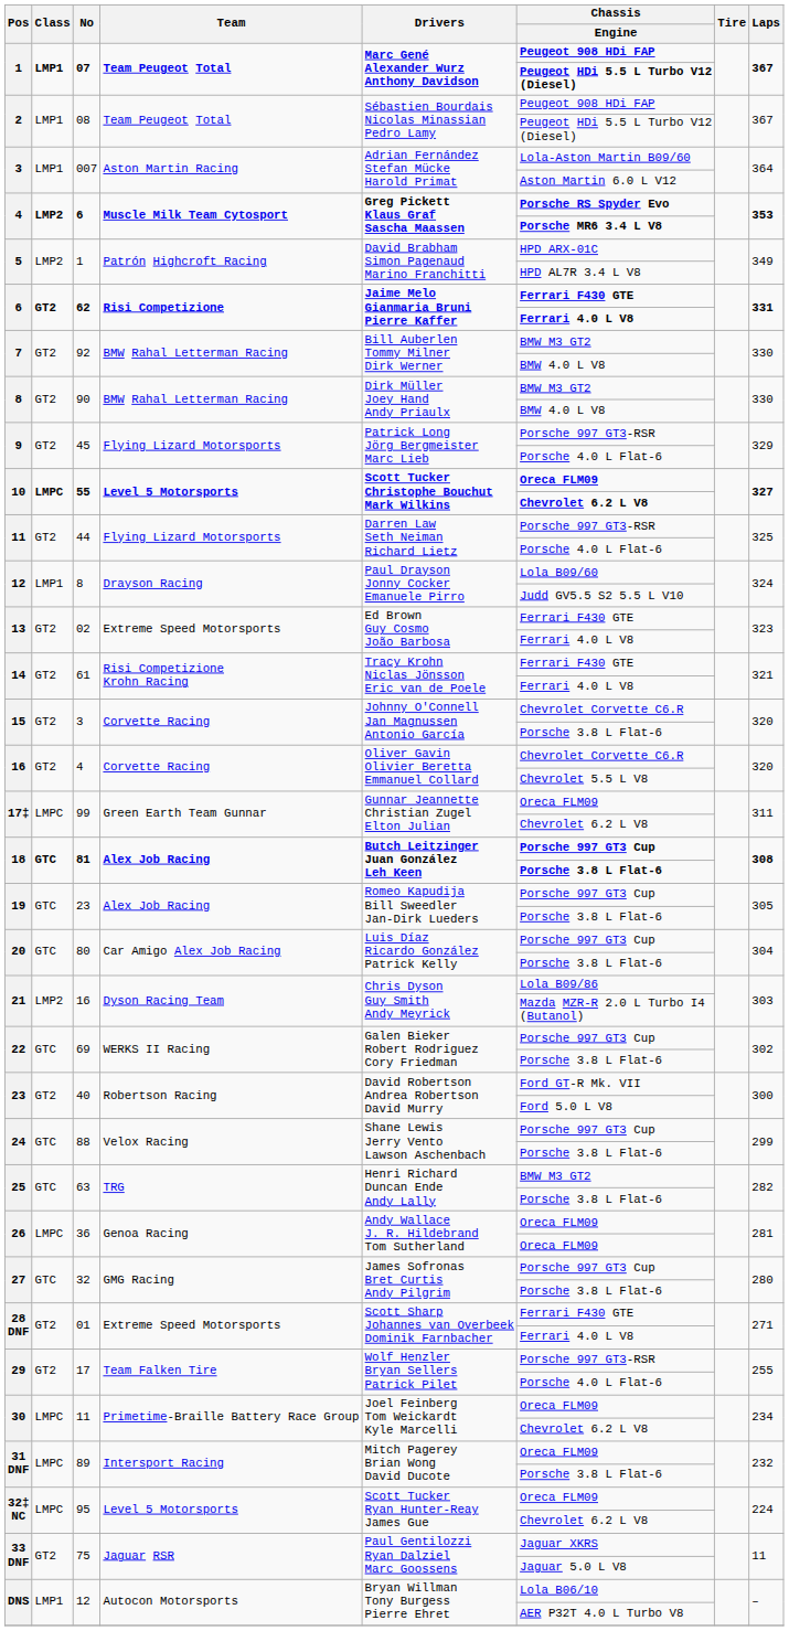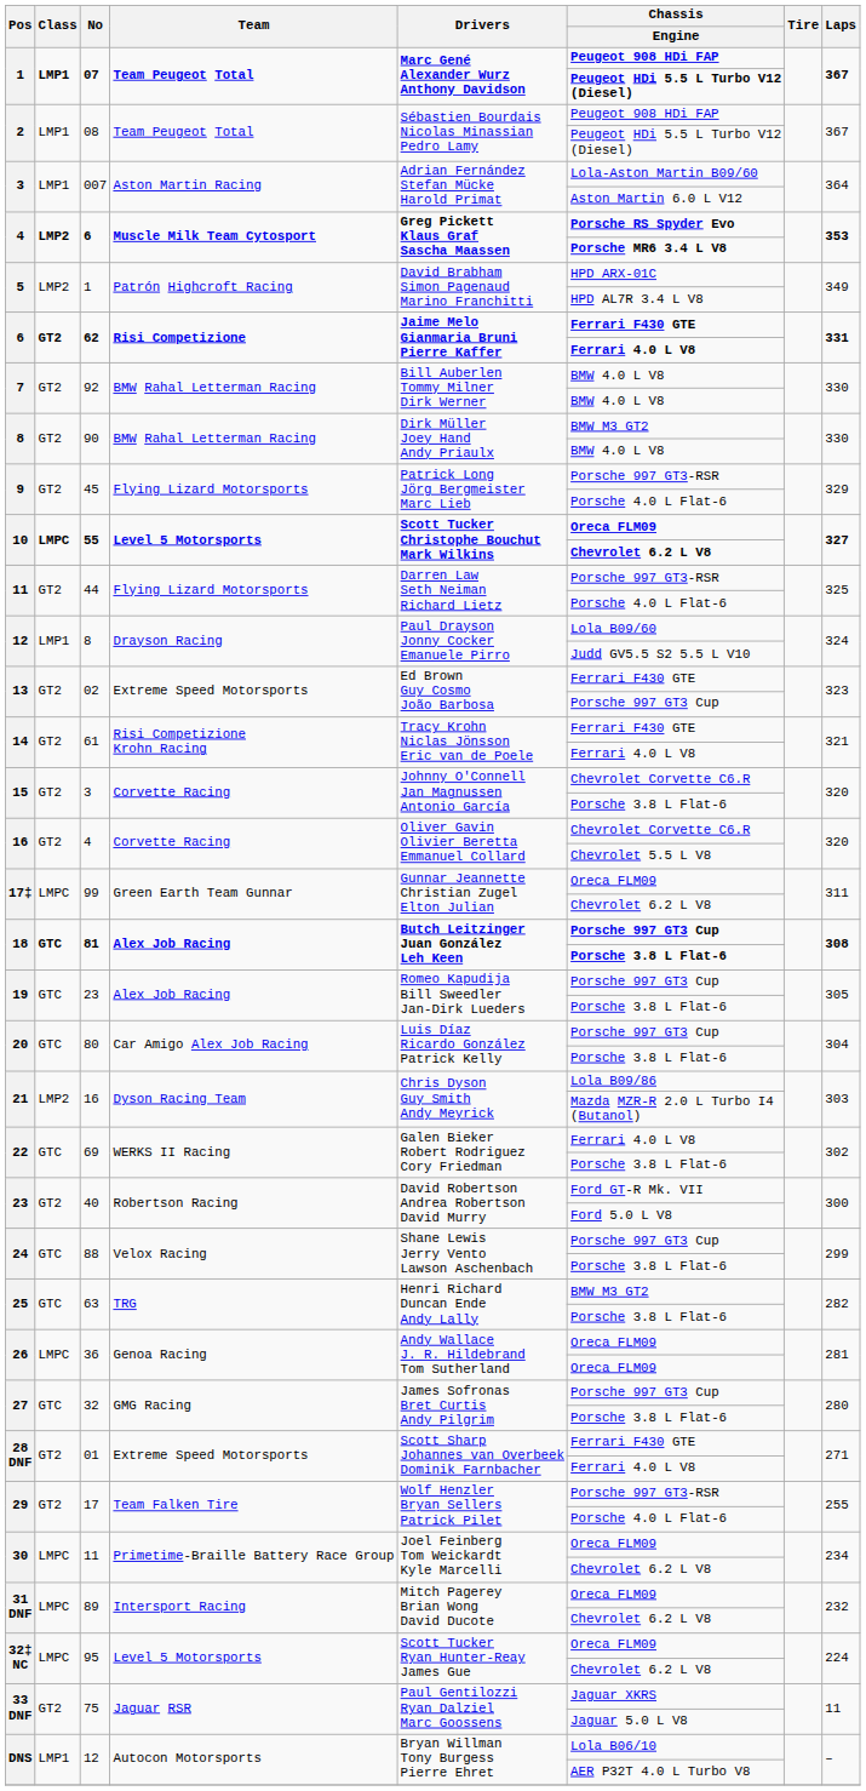 <table class="wikitable" style="font-size: 95%;">
 <tr>
 <th rowspan=2>Pos</th>
 <th rowspan=2>Class</th>
 <th rowspan=2>No</th>
 <th rowspan=2>Team</th>
 <th rowspan=2>Drivers</th>
 <th>Chassis</th>
 <th rowspan=2>Tire</th>
 <th rowspan=2>Laps</th>
 </tr>
 <tr>
 <th>Engine</th>
 </tr>
 <tr style="font-weight:bold">
 <th rowspan=2>1</th>
 <td rowspan=2>LMP1</td>
 <td rowspan=2>07</td>
 <td rowspan=2> <a href='#'>Team Peugeot</a> <a href='#'>Total</a></td>
 <td rowspan=2> <a href='#'>Marc Gené</a><br> <a href='#'>Alexander Wurz</a><br> <a href='#'>Anthony Davidson</a></td>
 <td><a href='#'>Peugeot 908 HDi FAP</a></td>
 <td rowspan=2></td>
 <td rowspan=2>367</td>
 </tr>
 <tr style="font-weight:bold">
 <td><a href='#'>Peugeot</a> <a href='#'>HDi</a> 5.5 L Turbo V12<br>(Diesel)</td>
 </tr>
 <tr>
 <th rowspan=2>2</th>
 <td rowspan=2>LMP1</td>
 <td rowspan=2>08</td>
 <td rowspan=2> <a href='#'>Team Peugeot</a> <a href='#'>Total</a></td>
 <td rowspan=2> <a href='#'>Sébastien Bourdais</a><br> <a href='#'>Nicolas Minassian</a><br> <a href='#'>Pedro Lamy</a></td>
 <td><a href='#'>Peugeot 908 HDi FAP</a></td>
 <td rowspan=2></td>
 <td rowspan=2>367</td>
 </tr>
 <tr>
 <td><a href='#'>Peugeot</a> <a href='#'>HDi</a> 5.5 L Turbo V12<br>(Diesel)</td>
 </tr>
 <tr>
 <th rowspan=2>3</th>
 <td rowspan=2>LMP1</td>
 <td rowspan=2>007</td>
 <td rowspan=2> <a href='#'>Aston Martin Racing</a></td>
 <td rowspan=2> <a href='#'>Adrian Fernández</a><br> <a href='#'>Stefan Mücke</a><br> <a href='#'>Harold Primat</a></td>
 <td><a href='#'>Lola-Aston Martin B09/60</a></td>
 <td rowspan=2></td>
 <td rowspan=2>364</td>
 </tr>
 <tr>
 <td><a href='#'>Aston Martin</a> 6.0 L V12</td>
 </tr>
 <tr style="font-weight:bold">
 <th rowspan=2>4</th>
 <td rowspan=2>LMP2</td>
 <td rowspan=2>6</td>
 <td rowspan=2> <a href='#'>Muscle Milk Team Cytosport</a></td>
 <td rowspan=2> Greg Pickett<br> <a href='#'>Klaus Graf</a><br> <a href='#'>Sascha Maassen</a></td>
 <td><a href='#'>Porsche RS Spyder</a> Evo</td>
 <td rowspan=2></td>
 <td rowspan=2>353</td>
 </tr>
 <tr style="font-weight:bold">
 <td><a href='#'>Porsche</a> MR6 3.4 L V8</td>
 </tr>
 <tr>
 <th rowspan=2>5</th>
 <td rowspan=2>LMP2</td>
 <td rowspan=2>1</td>
 <td rowspan=2> <a href='#'>Patrón</a> <a href='#'>Highcroft Racing</a></td>
 <td rowspan=2> <a href='#'>David Brabham</a><br> <a href='#'>Simon Pagenaud</a><br> <a href='#'>Marino Franchitti</a></td>
 <td><a href='#'>HPD ARX-01C</a></td>
 <td rowspan=2></td>
 <td rowspan=2>349</td>
 </tr>
 <tr>
 <td><a href='#'>HPD</a> AL7R 3.4 L V8</td>
 </tr>
 <tr style="font-weight:bold">
 <th rowspan=2>6</th>
 <td rowspan=2>GT2</td>
 <td rowspan=2>62</td>
 <td rowspan=2> <a href='#'>Risi Competizione</a></td>
 <td rowspan=2> <a href='#'>Jaime Melo</a><br> <a href='#'>Gianmaria Bruni</a><br> <a href='#'>Pierre Kaffer</a></td>
 <td><a href='#'>Ferrari F430</a> GTE</td>
 <td rowspan=2></td>
 <td rowspan=2>331</td>
 </tr>
 <tr style="font-weight:bold">
 <td><a href='#'>Ferrari</a> 4.0 L V8</td>
 </tr>
 <tr>
 <th rowspan=2>7</th>
 <td rowspan=2>GT2</td>
 <td rowspan=2>92</td>
 <td rowspan=2> <a href='#'>BMW</a> <a href='#'>Rahal Letterman Racing</a></td>
 <td rowspan=2> <a href='#'>Bill Auberlen</a><br> <a href='#'>Tommy Milner</a><br> <a href='#'>Dirk Werner</a></td>
-<td><a href='#'>BMW M3 GT2</a></td>
+<td><a href='#'>BMW</a> 4.0 L V8</td>
 <td rowspan=2></td>
 <td rowspan=2>330</td>
 </tr>
 <tr>
 <td><a href='#'>BMW</a> 4.0 L V8</td>
 </tr>
 <tr>
 <th rowspan=2>8</th>
 <td rowspan=2>GT2</td>
 <td rowspan=2>90</td>
 <td rowspan=2> <a href='#'>BMW</a> <a href='#'>Rahal Letterman Racing</a></td>
 <td rowspan=2> <a href='#'>Dirk Müller</a><br> <a href='#'>Joey Hand</a><br> <a href='#'>Andy Priaulx</a></td>
 <td><a href='#'>BMW M3 GT2</a></td>
 <td rowspan=2></td>
 <td rowspan=2>330</td>
 </tr>
 <tr>
 <td><a href='#'>BMW</a> 4.0 L V8</td>
 </tr>
 <tr>
 <th rowspan=2>9</th>
 <td rowspan=2>GT2</td>
 <td rowspan=2>45</td>
 <td rowspan=2> <a href='#'>Flying Lizard Motorsports</a></td>
 <td rowspan=2> <a href='#'>Patrick Long</a><br> <a href='#'>Jörg Bergmeister</a><br> <a href='#'>Marc Lieb</a></td>
 <td><a href='#'>Porsche 997 GT3</a>-RSR</td>
 <td rowspan=2></td>
 <td rowspan=2>329</td>
 </tr>
 <tr>
 <td><a href='#'>Porsche</a> 4.0 L Flat-6</td>
 </tr>
 <tr style="font-weight:bold">
 <th rowspan=2>10</th>
 <td rowspan=2>LMPC</td>
 <td rowspan=2>55</td>
 <td rowspan=2> <a href='#'>Level 5 Motorsports</a></td>
 <td rowspan=2> <a href='#'>Scott Tucker</a><br> <a href='#'>Christophe Bouchut</a><br> <a href='#'>Mark Wilkins</a></td>
 <td><a href='#'>Oreca FLM09</a></td>
 <td rowspan=2></td>
 <td rowspan=2>327</td>
 </tr>
 <tr style="font-weight:bold">
 <td><a href='#'>Chevrolet</a> 6.2 L V8</td>
 </tr>
 <tr>
 <th rowspan=2>11</th>
 <td rowspan=2>GT2</td>
 <td rowspan=2>44</td>
 <td rowspan=2> <a href='#'>Flying Lizard Motorsports</a></td>
 <td rowspan=2> <a href='#'>Darren Law</a><br> <a href='#'>Seth Neiman</a><br> <a href='#'>Richard Lietz</a></td>
 <td><a href='#'>Porsche 997 GT3</a>-RSR</td>
 <td rowspan=2></td>
 <td rowspan=2>325</td>
 </tr>
 <tr>
 <td><a href='#'>Porsche</a> 4.0 L Flat-6</td>
 </tr>
 <tr>
 <th rowspan=2>12</th>
 <td rowspan=2>LMP1</td>
 <td rowspan=2>8</td>
 <td rowspan=2> <a href='#'>Drayson Racing</a></td>
 <td rowspan=2> <a href='#'>Paul Drayson</a><br> <a href='#'>Jonny Cocker</a><br> <a href='#'>Emanuele Pirro</a></td>
 <td><a href='#'>Lola B09/60</a></td>
 <td rowspan=2></td>
 <td rowspan=2>324</td>
 </tr>
 <tr>
 <td><a href='#'>Judd</a> GV5.5 S2 5.5 L V10</td>
 </tr>
 <tr>
 <th rowspan=2>13</th>
 <td rowspan=2>GT2</td>
 <td rowspan=2>02</td>
 <td rowspan=2> Extreme Speed Motorsports</td>
 <td rowspan=2> Ed Brown<br> <a href='#'>Guy Cosmo</a><br> <a href='#'>João Barbosa</a></td>
 <td><a href='#'>Ferrari F430</a> GTE</td>
 <td rowspan=2></td>
 <td rowspan=2>323</td>
 </tr>
 <tr>
-<td><a href='#'>Ferrari</a> 4.0 L V8</td>
+<td><a href='#'>Porsche 997 GT3</a> Cup</td>
 </tr>
 <tr>
 <th rowspan=2>14</th>
 <td rowspan=2>GT2</td>
 <td rowspan=2>61</td>
 <td rowspan=2> <a href='#'>Risi Competizione</a><br> <a href='#'>Krohn Racing</a></td>
 <td rowspan=2> <a href='#'>Tracy Krohn</a><br> <a href='#'>Niclas Jönsson</a><br> <a href='#'>Eric van de Poele</a></td>
 <td><a href='#'>Ferrari F430</a> GTE</td>
 <td rowspan=2></td>
 <td rowspan=2>321</td>
 </tr>
 <tr>
 <td><a href='#'>Ferrari</a> 4.0 L V8</td>
 </tr>
 <tr>
 <th rowspan=2>15</th>
 <td rowspan=2>GT2</td>
 <td rowspan=2>3</td>
 <td rowspan=2> <a href='#'>Corvette Racing</a></td>
 <td rowspan=2> <a href='#'>Johnny O'Connell</a><br> <a href='#'>Jan Magnussen</a><br> <a href='#'>Antonio García</a></td>
 <td><a href='#'>Chevrolet Corvette C6.R</a></td>
 <td rowspan=2></td>
 <td rowspan=2>320</td>
 </tr>
 <tr>
 <td><a href='#'>Porsche</a> 3.8 L Flat-6</td>
 </tr>
 <tr>
 <th rowspan=2>16</th>
 <td rowspan=2>GT2</td>
 <td rowspan=2>4</td>
 <td rowspan=2> <a href='#'>Corvette Racing</a></td>
 <td rowspan=2> <a href='#'>Oliver Gavin</a><br> <a href='#'>Olivier Beretta</a><br> <a href='#'>Emmanuel Collard</a></td>
 <td><a href='#'>Chevrolet Corvette C6.R</a></td>
 <td rowspan=2></td>
 <td rowspan=2>320</td>
 </tr>
 <tr>
 <td><a href='#'>Chevrolet</a> 5.5 L V8</td>
 </tr>
 <tr>
 <th rowspan=2>17‡</th>
 <td rowspan=2>LMPC</td>
 <td rowspan=2>99</td>
 <td rowspan=2> Green Earth Team Gunnar</td>
 <td rowspan=2> <a href='#'>Gunnar Jeannette</a><br> Christian Zugel<br> <a href='#'>Elton Julian</a></td>
 <td><a href='#'>Oreca FLM09</a></td>
 <td rowspan=2></td>
 <td rowspan=2>311</td>
 </tr>
 <tr>
 <td><a href='#'>Chevrolet</a> 6.2 L V8</td>
 </tr>
 <tr style="font-weight:bold">
 <th rowspan=2>18</th>
 <td rowspan=2>GTC</td>
 <td rowspan=2>81</td>
 <td rowspan=2> <a href='#'>Alex Job Racing</a></td>
 <td rowspan=2> <a href='#'>Butch Leitzinger</a><br> Juan González<br> <a href='#'>Leh Keen</a></td>
 <td><a href='#'>Porsche 997 GT3</a> Cup</td>
 <td rowspan=2></td>
 <td rowspan=2>308</td>
 </tr>
 <tr style="font-weight:bold">
 <td><a href='#'>Porsche</a> 3.8 L Flat-6</td>
 </tr>
 <tr>
 <th rowspan=2>19</th>
 <td rowspan=2>GTC</td>
 <td rowspan=2>23</td>
 <td rowspan=2> <a href='#'>Alex Job Racing</a></td>
 <td rowspan=2> <a href='#'>Romeo Kapudija</a><br> Bill Sweedler<br> Jan-Dirk Lueders</td>
 <td><a href='#'>Porsche 997 GT3</a> Cup</td>
 <td rowspan=2></td>
 <td rowspan=2>305</td>
 </tr>
 <tr>
 <td><a href='#'>Porsche</a> 3.8 L Flat-6</td>
 </tr>
 <tr>
 <th rowspan=2>20</th>
 <td rowspan=2>GTC</td>
 <td rowspan=2>80</td>
 <td rowspan=2> Car Amigo <a href='#'>Alex Job Racing</a></td>
 <td rowspan=2> <a href='#'>Luis Díaz</a><br> <a href='#'>Ricardo González</a><br> Patrick Kelly</td>
 <td><a href='#'>Porsche 997 GT3</a> Cup</td>
 <td rowspan=2></td>
 <td rowspan=2>304</td>
 </tr>
 <tr>
 <td><a href='#'>Porsche</a> 3.8 L Flat-6</td>
 </tr>
 <tr>
 <th rowspan=2>21</th>
 <td rowspan=2>LMP2</td>
 <td rowspan=2>16</td>
 <td rowspan=2> <a href='#'>Dyson Racing Team</a></td>
 <td rowspan=2> <a href='#'>Chris Dyson</a><br> <a href='#'>Guy Smith</a><br> <a href='#'>Andy Meyrick</a></td>
 <td><a href='#'>Lola B09/86</a></td>
 <td rowspan=2></td>
 <td rowspan=2>303</td>
 </tr>
 <tr>
 <td><a href='#'>Mazda</a> <a href='#'>MZR-R</a> 2.0 L Turbo I4<br>(<a href='#'>Butanol</a>)</td>
 </tr>
 <tr>
 <th rowspan=2>22</th>
 <td rowspan=2>GTC</td>
 <td rowspan=2>69</td>
 <td rowspan=2> WERKS II Racing</td>
 <td rowspan=2> Galen Bieker<br> Robert Rodriguez<br> Cory Friedman</td>
-<td><a href='#'>Porsche 997 GT3</a> Cup</td>
+<td><a href='#'>Ferrari</a> 4.0 L V8</td>
 <td rowspan=2></td>
 <td rowspan=2>302</td>
 </tr>
 <tr>
 <td><a href='#'>Porsche</a> 3.8 L Flat-6</td>
 </tr>
 <tr>
 <th rowspan=2>23</th>
 <td rowspan=2>GT2</td>
 <td rowspan=2>40</td>
 <td rowspan=2> Robertson Racing</td>
 <td rowspan=2> David Robertson<br> Andrea Robertson<br> David Murry</td>
 <td><a href='#'>Ford GT</a>-R Mk. VII</td>
 <td rowspan=2></td>
 <td rowspan=2>300</td>
 </tr>
 <tr>
 <td><a href='#'>Ford</a> 5.0 L V8</td>
 </tr>
 <tr>
 <th rowspan=2>24</th>
 <td rowspan=2>GTC</td>
 <td rowspan=2>88</td>
 <td rowspan=2> Velox Racing</td>
 <td rowspan=2> Shane Lewis<br> Jerry Vento<br> Lawson Aschenbach</td>
 <td><a href='#'>Porsche 997 GT3</a> Cup</td>
 <td rowspan=2></td>
 <td rowspan=2>299</td>
 </tr>
 <tr>
 <td><a href='#'>Porsche</a> 3.8 L Flat-6</td>
 </tr>
 <tr>
 <th rowspan=2>25</th>
 <td rowspan=2>GTC</td>
 <td rowspan=2>63</td>
 <td rowspan=2> <a href='#'>TRG</a></td>
 <td rowspan=2> Henri Richard<br> Duncan Ende<br> <a href='#'>Andy Lally</a></td>
 <td><a href='#'>BMW M3 GT2</a></td>
 <td rowspan=2></td>
 <td rowspan=2>282</td>
 </tr>
 <tr>
 <td><a href='#'>Porsche</a> 3.8 L Flat-6</td>
 </tr>
 <tr>
 <th rowspan=2>26</th>
 <td rowspan=2>LMPC</td>
 <td rowspan=2>36</td>
 <td rowspan=2> Genoa Racing</td>
 <td rowspan=2> <a href='#'>Andy Wallace</a><br> <a href='#'>J. R. Hildebrand</a><br> Tom Sutherland</td>
 <td><a href='#'>Oreca FLM09</a></td>
 <td rowspan=2></td>
 <td rowspan=2>281</td>
 </tr>
 <tr>
 <td><a href='#'>Oreca FLM09</a></td>
 </tr>
 <tr>
 <th rowspan=2>27</th>
 <td rowspan=2>GTC</td>
 <td rowspan=2>32</td>
 <td rowspan=2> GMG Racing</td>
 <td rowspan=2> James Sofronas<br> <a href='#'>Bret Curtis</a><br> <a href='#'>Andy Pilgrim</a></td>
 <td><a href='#'>Porsche 997 GT3</a> Cup</td>
 <td rowspan=2></td>
 <td rowspan=2>280</td>
 </tr>
 <tr>
 <td><a href='#'>Porsche</a> 3.8 L Flat-6</td>
 </tr>
 <tr>
 <th rowspan=2>28<br>DNF</th>
 <td rowspan=2>GT2</td>
 <td rowspan=2>01</td>
 <td rowspan=2> Extreme Speed Motorsports</td>
 <td rowspan=2> <a href='#'>Scott Sharp</a><br> <a href='#'>Johannes van Overbeek</a><br> <a href='#'>Dominik Farnbacher</a></td>
 <td><a href='#'>Ferrari F430</a> GTE</td>
 <td rowspan=2></td>
 <td rowspan=2>271</td>
 </tr>
 <tr>
 <td><a href='#'>Ferrari</a> 4.0 L V8</td>
 </tr>
 <tr>
 <th rowspan=2>29</th>
 <td rowspan=2>GT2</td>
 <td rowspan=2>17</td>
 <td rowspan=2> <a href='#'>Team Falken Tire</a></td>
 <td rowspan=2> <a href='#'>Wolf Henzler</a><br> <a href='#'>Bryan Sellers</a><br> <a href='#'>Patrick Pilet</a></td>
 <td><a href='#'>Porsche 997 GT3</a>-RSR</td>
 <td rowspan=2></td>
 <td rowspan=2>255</td>
 </tr>
 <tr>
 <td><a href='#'>Porsche</a> 4.0 L Flat-6</td>
 </tr>
 <tr>
 <th rowspan=2>30</th>
 <td rowspan=2>LMPC</td>
 <td rowspan=2>11</td>
 <td rowspan=2> <a href='#'>Primetime</a>-Braille Battery Race Group</td>
 <td rowspan=2> Joel Feinberg<br> Tom Weickardt<br> Kyle Marcelli</td>
 <td><a href='#'>Oreca FLM09</a></td>
 <td rowspan=2></td>
 <td rowspan=2>234</td>
 </tr>
 <tr>
 <td><a href='#'>Chevrolet</a> 6.2 L V8</td>
 </tr>
 <tr>
 <th rowspan=2>31<br>DNF</th>
 <td rowspan=2>LMPC</td>
 <td rowspan=2>89</td>
 <td rowspan=2> <a href='#'>Intersport Racing</a></td>
 <td rowspan=2> Mitch Pagerey<br> Brian Wong<br> David Ducote</td>
 <td><a href='#'>Oreca FLM09</a></td>
 <td rowspan=2></td>
 <td rowspan=2>232</td>
 </tr>
 <tr>
-<td><a href='#'>Porsche</a> 3.8 L Flat-6</td>
+<td><a href='#'>Chevrolet</a> 6.2 L V8</td>
 </tr>
 <tr>
 <th rowspan=2>32‡<br>NC</th>
 <td rowspan=2>LMPC</td>
 <td rowspan=2>95</td>
 <td rowspan=2> <a href='#'>Level 5 Motorsports</a></td>
 <td rowspan=2> <a href='#'>Scott Tucker</a><br> <a href='#'>Ryan Hunter-Reay</a><br> James Gue</td>
 <td><a href='#'>Oreca FLM09</a></td>
 <td rowspan=2></td>
 <td rowspan=2>224</td>
 </tr>
 <tr>
 <td><a href='#'>Chevrolet</a> 6.2 L V8</td>
 </tr>
 <tr>
 <th rowspan=2>33<br>DNF</th>
 <td rowspan=2>GT2</td>
 <td rowspan=2>75</td>
 <td rowspan=2> <a href='#'>Jaguar</a> <a href='#'>RSR</a></td>
 <td rowspan=2> <a href='#'>Paul Gentilozzi</a><br> <a href='#'>Ryan Dalziel</a><br> <a href='#'>Marc Goossens</a></td>
 <td><a href='#'>Jaguar XKRS</a></td>
 <td rowspan=2></td>
 <td rowspan=2>11</td>
 </tr>
 <tr>
 <td><a href='#'>Jaguar</a> 5.0 L V8</td>
 </tr>
 <tr>
 <th rowspan=2>DNS</th>
 <td rowspan=2>LMP1</td>
 <td rowspan=2>12</td>
 <td rowspan=2> Autocon Motorsports</td>
 <td rowspan=2> Bryan Willman<br> Tony Burgess<br> Pierre Ehret</td>
 <td><a href='#'>Lola B06/10</a></td>
 <td rowspan=2></td>
 <td rowspan=2>–</td>
 </tr>
 <tr>
 <td><a href='#'>AER</a> P32T 4.0 L Turbo V8</td>
 </tr>
 <tr>
 </tr>
 </table>
